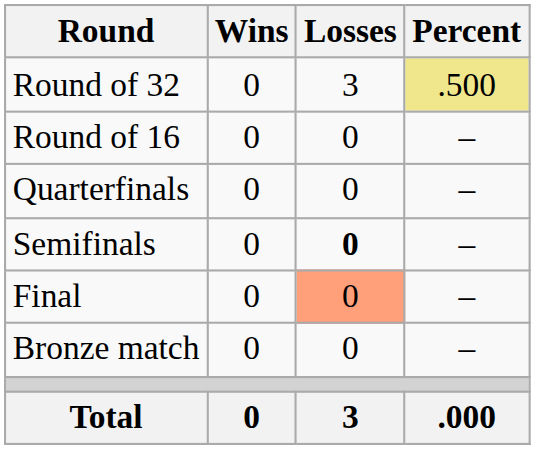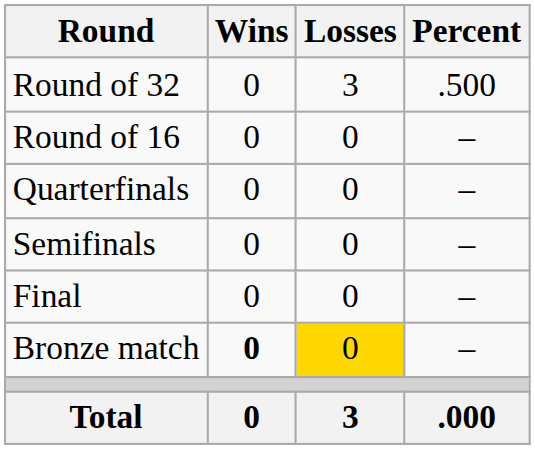 <table class=wikitable>
 <tr>
 <th>Round</th>
 <th>Wins</th>
 <th>Losses</th>
 <th>Percent</th>
 </tr>
 <tr align=center>
 <td align=left>Round of 32</td>
 <td>0</td>
 <td>3</td>
-<td style="background: khaki;">.500</td>
+<td>.500</td>
 </tr>
 <tr align=center>
 <td align=left>Round of 16</td>
 <td>0</td>
 <td>0</td>
 <td>–</td>
 </tr>
 <tr align=center>
 <td align=left>Quarterfinals</td>
 <td>0</td>
 <td>0</td>
 <td>–</td>
 </tr>
 <tr align=center>
 <td align=left>Semifinals</td>
 <td>0</td>
-<td><strong>0</strong></td>
+<td>0</td>
 <td>–</td>
 </tr>
 <tr align=center>
 <td align=left>Final</td>
 <td>0</td>
-<td style="background: lightsalmon;">0</td>
+<td>0</td>
 <td>–</td>
 </tr>
 <tr align=center>
 <td align=left>Bronze match</td>
-<td>0</td>
-<td>0</td>
+<td><strong>0</strong></td>
+<td style="background: gold;">0</td>
 <td>–</td>
 </tr>
 <tr>
 <td colspan=4 bgcolor=lightgray></td>
 </tr>
 <tr>
 <th>Total</th>
 <th>0</th>
 <th>3</th>
 <th>.000</th>
 </tr>
 </table>
